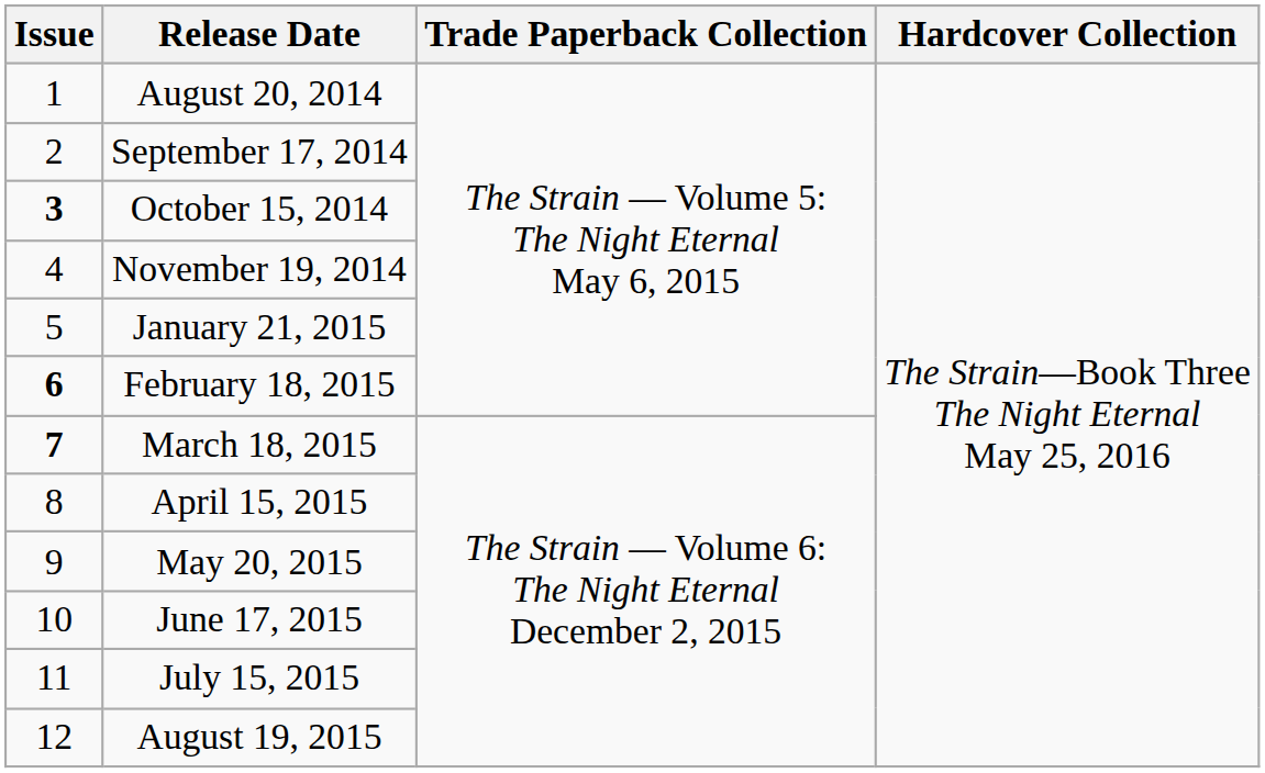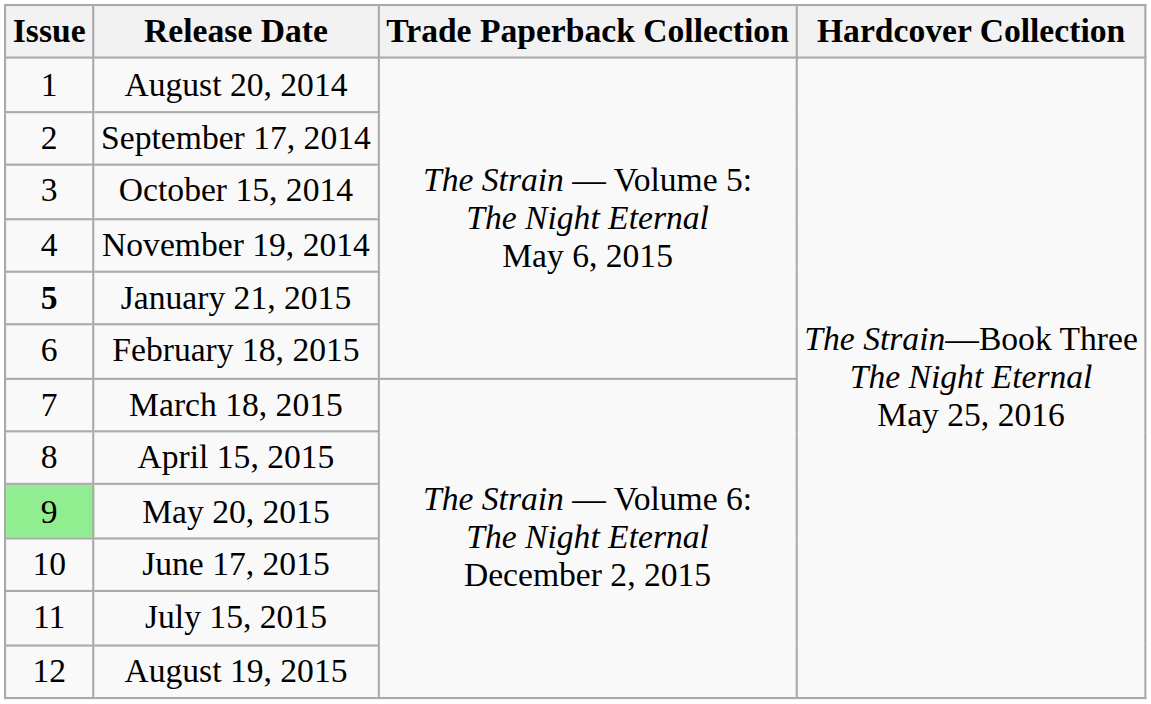 <table class="wikitable" style="text-align: center">
 <tr>
 <th>Issue</th>
 <th>Release Date</th>
 <th>Trade Paperback Collection</th>
 <th>Hardcover Collection</th>
 </tr>
 <tr>
 <td>1</td>
 <td>August 20, 2014</td>
 <td rowspan=6><em>The Strain</em> — Volume 5:<br><em>The Night Eternal</em><br>May 6, 2015<br></td>
 <td rowspan=12><em>The Strain</em>—Book Three<br><em>The Night Eternal</em><br>May 25, 2016<br></td>
 </tr>
 <tr>
 <td>2</td>
 <td>September 17, 2014</td>
 </tr>
 <tr>
-<td><strong>3</strong></td>
+<td>3</td>
 <td>October 15, 2014</td>
 </tr>
 <tr>
 <td>4</td>
 <td>November 19, 2014</td>
 </tr>
 <tr>
-<td>5</td>
+<td><strong>5</strong></td>
 <td>January 21, 2015</td>
 </tr>
 <tr>
-<td><strong>6</strong></td>
+<td>6</td>
 <td>February 18, 2015</td>
 </tr>
 <tr>
-<td><strong>7</strong></td>
+<td>7</td>
 <td>March 18, 2015</td>
 <td rowspan=6><em>The Strain</em> — Volume 6:<br><em>The Night Eternal</em><br>December 2, 2015<br></td>
 </tr>
 <tr>
 <td>8</td>
 <td>April 15, 2015</td>
 </tr>
 <tr>
-<td>9</td>
+<td style="background: lightgreen;">9</td>
 <td>May 20, 2015</td>
 </tr>
 <tr>
 <td>10</td>
 <td>June 17, 2015</td>
 </tr>
 <tr>
 <td>11</td>
 <td>July 15, 2015</td>
 </tr>
 <tr>
 <td>12</td>
 <td>August 19, 2015</td>
 </tr>
 </table>
